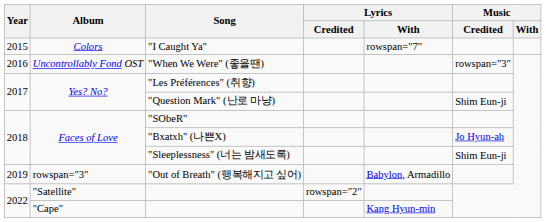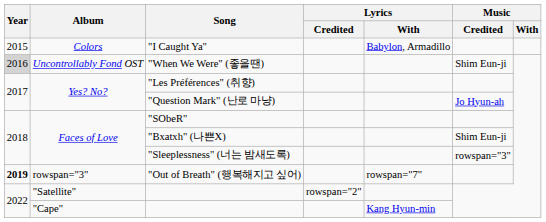 <table class="wikitable">
 <tr>
 <th rowspan="2">Year</th>
 <th rowspan="2">Album</th>
 <th rowspan="2">Song</th>
 <th colspan="2">Lyrics</th>
 <th colspan="2">Music</th>
 </tr>
 <tr>
 <th>Credited</th>
 <th>With</th>
 <th>Credited</th>
 <th>With</th>
 </tr>
 <tr>
 <td>2015</td>
 <td style="text-align:center;"><a href='#'><em>Colors</em></a></td>
 <td>"I Caught Ya"</td>
 <td></td>
-<td>rowspan="7" </td>
+<td><a href='#'> Babylon</a>, Armadillo</td>
 <td></td>
 <td></td>
 </tr>
 <tr>
-<td>2016</td>
+<td style="background: lightgrey;">2016</td>
 <td style="text-align:center;"><em><a href='#'>Uncontrollably Fond</a> OST</em></td>
 <td>"When We Were" (좋을땐)</td>
 <td></td>
 <td></td>
-<td>rowspan="3" </td>
+<td>Shim Eun-ji</td>
 </tr>
 <tr>
 <td rowspan="2">2017</td>
 <td rowspan="2" style="text-align:center;"><em><a href='#'>Yes? No?</a></em></td>
 <td>"Les Préférences" (취향)</td>
 <td></td>
 <td></td>
 <td></td>
 </tr>
 <tr>
 <td>"Question Mark" (난로 마냥)</td>
 <td></td>
 <td></td>
-<td>Shim Eun-ji</td>
+<td><a href='#'>Jo Hyun-ah</a></td>
 </tr>
 <tr>
 <td rowspan="3">2018</td>
 <td rowspan="3" style="text-align:center;"><em><a href='#'>Faces of Love</a></em></td>
 <td>"SObeR"</td>
 <td></td>
 <td></td>
 <td></td>
 </tr>
 <tr>
 <td>"Bxatxh" (나쁜X)</td>
 <td></td>
 <td></td>
-<td><a href='#'>Jo Hyun-ah</a></td>
+<td>Shim Eun-ji</td>
 </tr>
 <tr>
 <td>"Sleeplessness" (너는 밤새도록)</td>
 <td></td>
 <td></td>
-<td>Shim Eun-ji</td>
+<td>rowspan="3" </td>
 </tr>
 <tr>
-<td rowspan="1">2019</td>
+<td rowspan="1"><strong>2019</strong></td>
 <td>rowspan="3" </td>
 <td>"Out of Breath" (행복해지고 싶어)</td>
 <td></td>
-<td><a href='#'> Babylon</a>, Armadillo</td>
+<td>rowspan="7" </td>
 <td></td>
 </tr>
 <tr>
 <td rowspan="2">2022</td>
 <td>"Satellite"</td>
 <td></td>
 <td>rowspan="2" </td>
 <td></td>
 </tr>
 <tr>
 <td>"Cape"</td>
 <td></td>
 <td></td>
 <td><a href='#'>Kang Hyun-min</a></td>
 </tr>
 </table>
